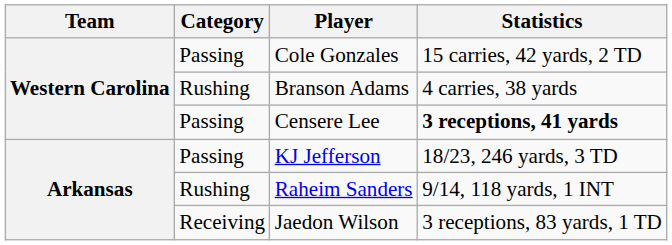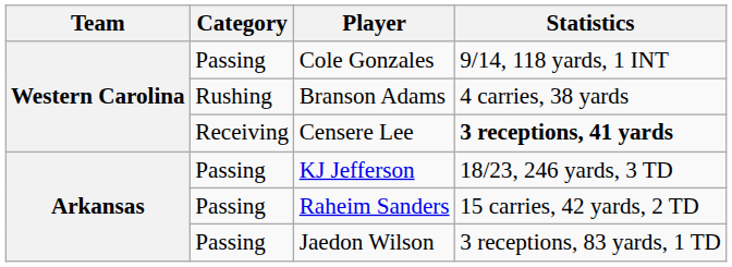 <table class="wikitable" style="float:right">
 <tr>
 <th>Team</th>
 <th>Category</th>
 <th>Player</th>
 <th>Statistics</th>
 </tr>
 <tr>
 <th rowspan=3>Western Carolina</th>
 <td>Passing</td>
 <td>Cole Gonzales</td>
-<td>15 carries, 42 yards, 2 TD</td>
+<td>9/14, 118 yards, 1 INT</td>
 </tr>
 <tr>
 <td>Rushing</td>
 <td>Branson Adams</td>
 <td>4 carries, 38 yards</td>
 </tr>
 <tr>
-<td>Passing</td>
+<td>Receiving</td>
 <td>Censere Lee</td>
 <td><strong>3 receptions, 41 yards</strong></td>
 </tr>
 <tr>
 <th rowspan=3>Arkansas</th>
 <td>Passing</td>
 <td><a href='#'>KJ Jefferson</a></td>
 <td>18/23, 246 yards, 3 TD</td>
 </tr>
 <tr>
-<td>Rushing</td>
+<td>Passing</td>
 <td><a href='#'>Raheim Sanders</a></td>
-<td>9/14, 118 yards, 1 INT</td>
+<td>15 carries, 42 yards, 2 TD</td>
 </tr>
 <tr>
-<td>Receiving</td>
+<td>Passing</td>
 <td>Jaedon Wilson</td>
 <td>3 receptions, 83 yards, 1 TD</td>
 </tr>
 </table>
